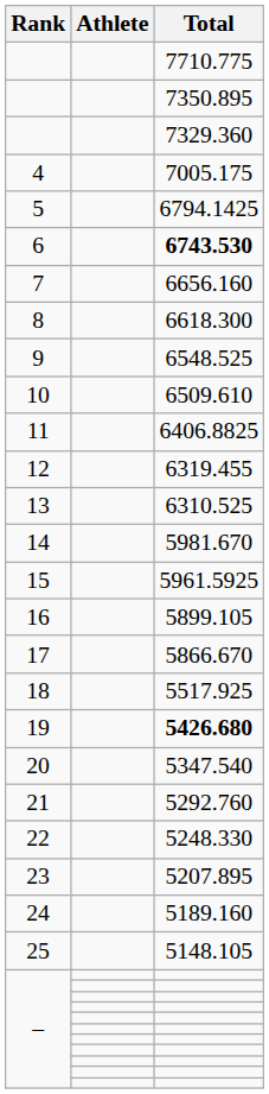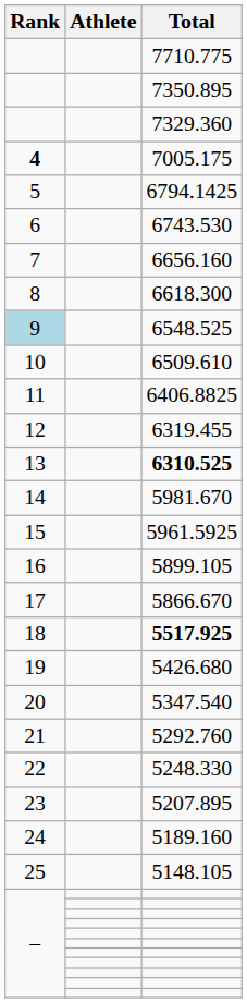 <table class="wikitable" style="text-align:center">
 <tr>
 <th>Rank</th>
 <th>Athlete</th>
 <th>Total</th>
 </tr>
 <tr>
 <td></td>
 <td align=left></td>
 <td>7710.775</td>
 </tr>
 <tr>
 <td></td>
 <td align=left></td>
 <td>7350.895</td>
 </tr>
 <tr>
 <td></td>
 <td align=left></td>
 <td>7329.360</td>
 </tr>
 <tr>
-<td>4</td>
+<td><strong>4</strong></td>
 <td align=left></td>
 <td>7005.175</td>
 </tr>
 <tr>
 <td>5</td>
 <td align=left></td>
 <td>6794.1425</td>
 </tr>
 <tr>
 <td>6</td>
 <td align=left></td>
-<td><strong>6743.530</strong></td>
+<td>6743.530</td>
 </tr>
 <tr>
 <td>7</td>
 <td align=left></td>
 <td>6656.160</td>
 </tr>
 <tr>
 <td>8</td>
 <td align=left></td>
 <td>6618.300</td>
 </tr>
 <tr>
-<td>9</td>
+<td style="background: lightblue;">9</td>
 <td align=left></td>
 <td>6548.525</td>
 </tr>
 <tr>
 <td>10</td>
 <td align=left></td>
 <td>6509.610</td>
 </tr>
 <tr>
 <td>11</td>
 <td align=left></td>
 <td>6406.8825</td>
 </tr>
 <tr>
 <td>12</td>
 <td align=left></td>
 <td>6319.455</td>
 </tr>
 <tr>
 <td>13</td>
 <td align=left></td>
-<td>6310.525</td>
+<td><strong>6310.525</strong></td>
 </tr>
 <tr>
 <td>14</td>
 <td align=left></td>
 <td>5981.670</td>
 </tr>
 <tr>
 <td>15</td>
 <td align=left></td>
 <td>5961.5925</td>
 </tr>
 <tr>
 <td>16</td>
 <td align=left></td>
 <td>5899.105</td>
 </tr>
 <tr>
 <td>17</td>
 <td align=left></td>
 <td>5866.670</td>
 </tr>
 <tr>
 <td>18</td>
 <td align=left></td>
-<td>5517.925</td>
+<td><strong>5517.925</strong></td>
 </tr>
 <tr>
 <td>19</td>
 <td align=left></td>
-<td><strong>5426.680</strong></td>
+<td>5426.680</td>
 </tr>
 <tr>
 <td>20</td>
 <td align=left></td>
 <td>5347.540</td>
 </tr>
 <tr>
 <td>21</td>
 <td align=left></td>
 <td>5292.760</td>
 </tr>
 <tr>
 <td>22</td>
 <td align=left></td>
 <td>5248.330</td>
 </tr>
 <tr>
 <td>23</td>
 <td align=left></td>
 <td>5207.895</td>
 </tr>
 <tr>
 <td>24</td>
 <td align=left></td>
 <td>5189.160</td>
 </tr>
 <tr>
 <td>25</td>
 <td align=left></td>
 <td>5148.105</td>
 </tr>
 <tr>
 <td rowspan=11>–</td>
 <td align=left></td>
 <td></td>
 </tr>
 <tr>
 <td align=left></td>
 <td></td>
 </tr>
 <tr>
 <td align=left></td>
 <td></td>
 </tr>
 <tr>
 <td align=left></td>
 <td></td>
 </tr>
 <tr>
 <td align=left></td>
 <td></td>
 </tr>
 <tr>
 <td align=left></td>
 <td></td>
 </tr>
 <tr>
 <td align=left></td>
 <td></td>
 </tr>
 <tr>
 <td align=left></td>
 <td></td>
 </tr>
 <tr>
 <td align=left></td>
 <td></td>
 </tr>
 <tr>
 <td align=left></td>
 <td></td>
 </tr>
 <tr>
 <td align=left></td>
 <td></td>
 </tr>
 </table>
